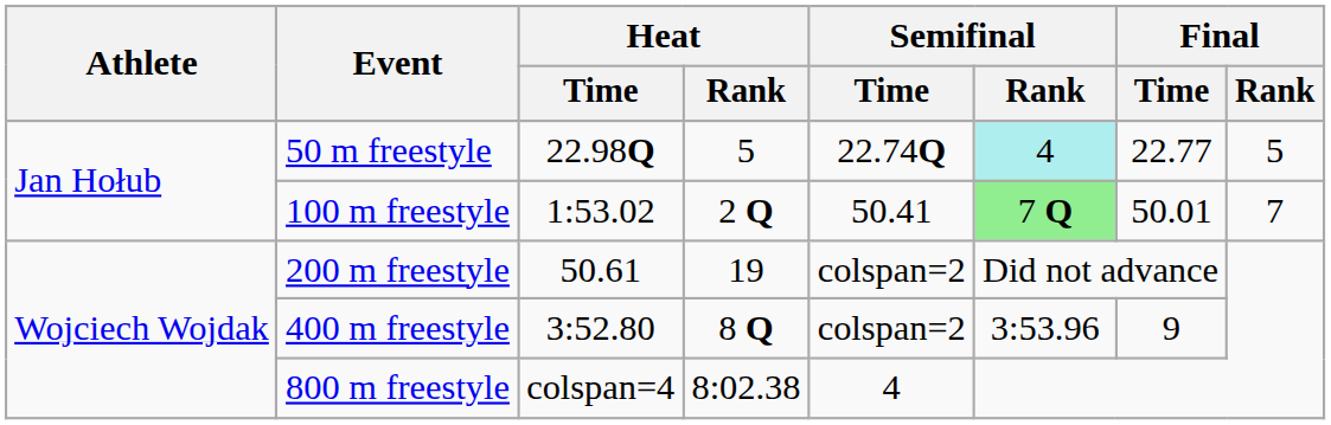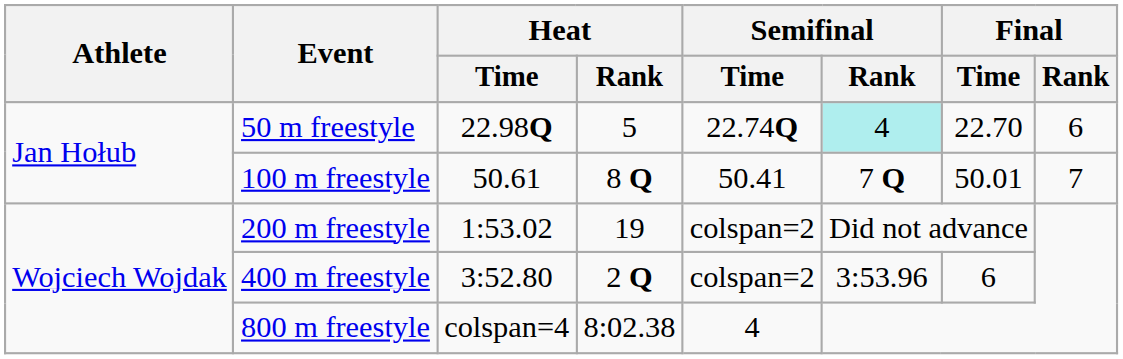 <table class=wikitable style="font-size:90%">
 <tr>
 <th rowspan=2>Athlete</th>
 <th rowspan=2>Event</th>
 <th colspan="2">Heat</th>
 <th colspan="2">Semifinal</th>
 <th colspan="2">Final</th>
 </tr>
 <tr style="font-size:95%">
 <th>Time</th>
 <th>Rank</th>
 <th>Time</th>
 <th>Rank</th>
 <th>Time</th>
 <th>Rank</th>
 </tr>
 <tr align=center>
 <td align=left rowspan=2><a href='#'>Jan Hołub</a></td>
 <td align=left><a href='#'>50 m freestyle</a></td>
 <td align=center>22.98<strong>Q</strong></td>
 <td align=center>5</td>
 <td align=center>22.74<strong>Q</strong></td>
 <td align=center style="background: paleturquoise;">4</td>
-<td align=center>22.77</td>
-<td align=center>5</td>
+<td align=center>22.70</td>
+<td align=center>6</td>
 </tr>
 <tr align=center>
 <td align=left><a href='#'>100 m freestyle</a></td>
-<td>1:53.02</td>
-<td>2 <strong>Q	</strong></td>
+<td>50.61</td>
+<td>8 <strong>Q</strong></td>
 <td>50.41</td>
-<td style="background: lightgreen;">7 <strong>Q</strong></td>
+<td>7 <strong>Q</strong></td>
 <td>50.01</td>
 <td>7</td>
 </tr>
 <tr align=center>
 <td align=left rowspan=3><a href='#'>Wojciech Wojdak</a></td>
 <td align=left><a href='#'>200 m freestyle</a></td>
-<td>50.61</td>
+<td>1:53.02</td>
 <td>19</td>
 <td>colspan=2 </td>
 <td colspan=2>Did not advance</td>
 </tr>
 <tr align=center>
 <td align=left><a href='#'>400 m freestyle</a></td>
 <td>3:52.80</td>
-<td>8 <strong>Q</strong></td>
+<td>2 <strong>Q	</strong></td>
 <td>colspan=2 </td>
 <td>3:53.96</td>
-<td>9</td>
+<td>6</td>
 </tr>
 <tr align=center>
 <td align=left><a href='#'>800 m freestyle</a></td>
 <td>colspan=4 </td>
 <td>8:02.38</td>
 <td>4</td>
 </tr>
 </table>
